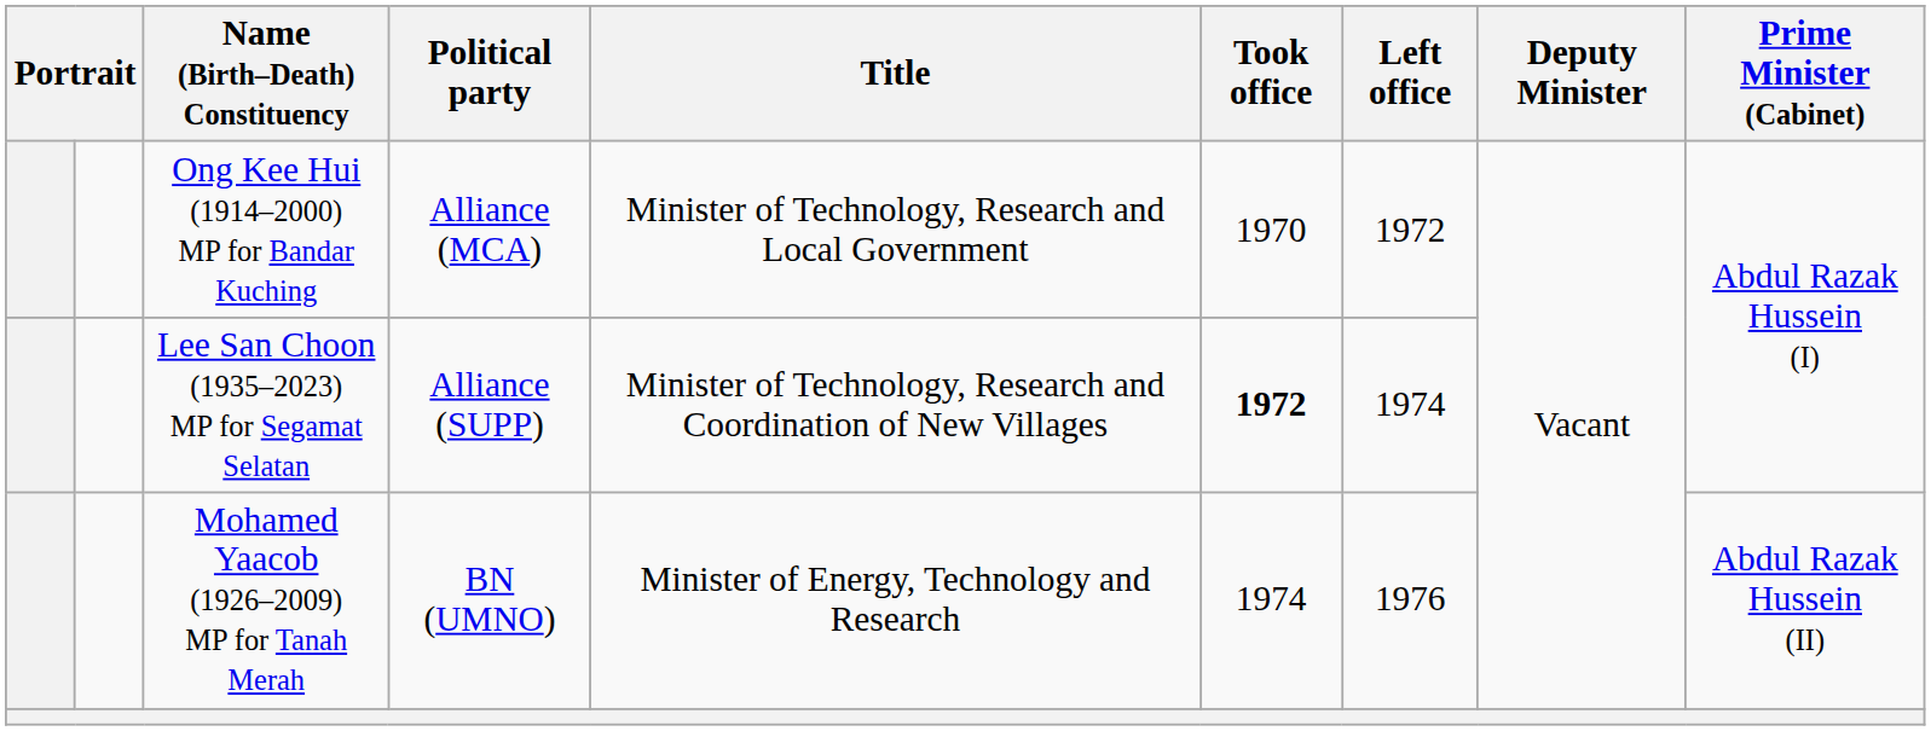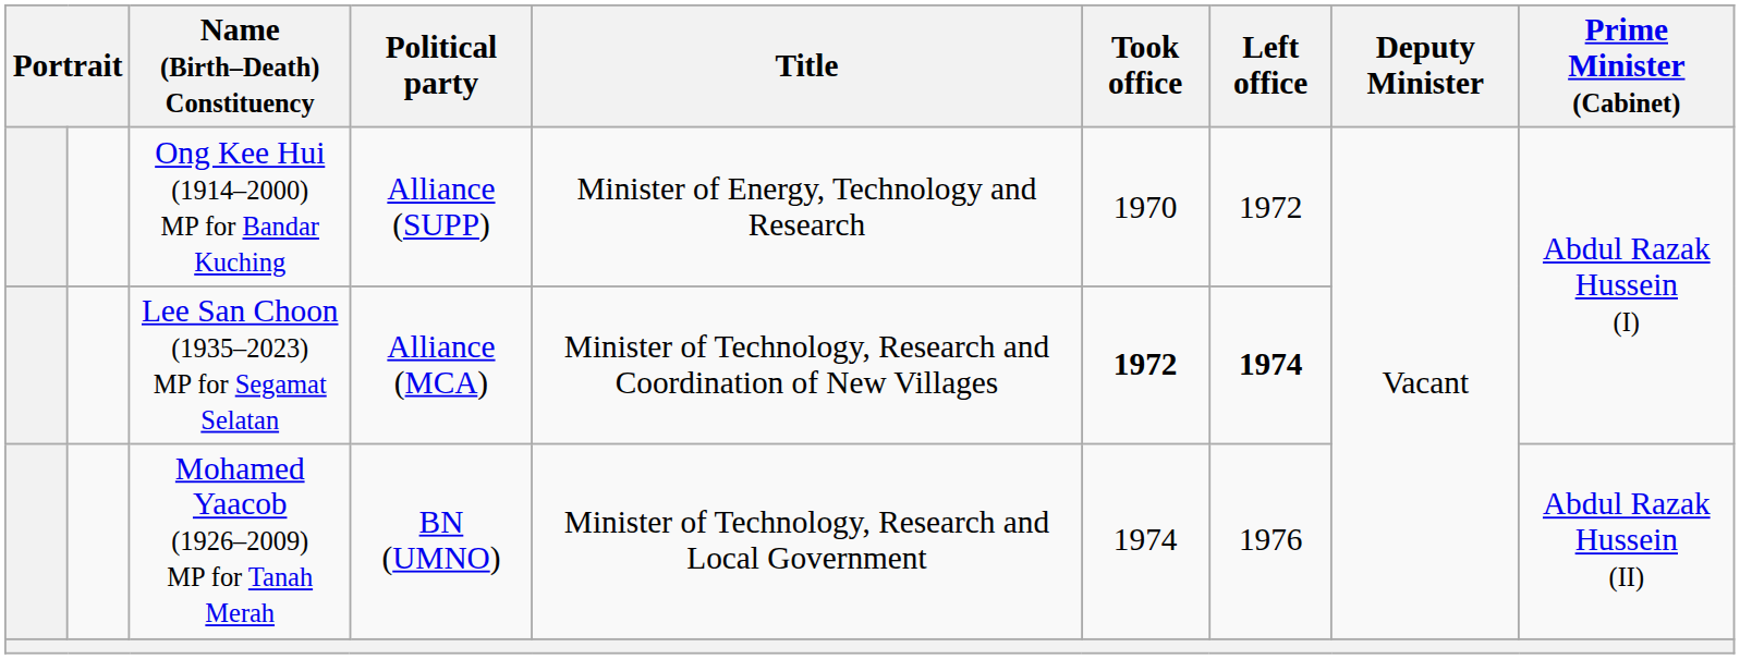 <table class="wikitable" style="text-align:center;">
 <tr>
 <th colspan=2>Portrait</th>
 <th>Name<br><small>(Birth–Death)<br>Constituency</small></th>
 <th>Political party</th>
 <th>Title</th>
 <th>Took office</th>
 <th>Left office</th>
 <th>Deputy Minister</th>
 <th><a href='#'>Prime Minister</a><br><small>(Cabinet)</small></th>
 </tr>
 <tr>
 <th style="background:"></th>
 <td></td>
 <td><a href='#'>Ong Kee Hui</a><br><small>(1914–2000)<br>MP for <a href='#'>Bandar Kuching</a></small></td>
-<td><a href='#'>Alliance</a> (<a href='#'>MCA</a>)</td>
-<td>Minister of Technology, Research and Local Government</td>
+<td><a href='#'>Alliance</a> (<a href='#'>SUPP</a>)</td>
+<td>Minister of Energy, Technology and Research</td>
 <td>1970</td>
 <td>1972</td>
 <td rowspan="3">Vacant</td>
 <td rowspan="2"><a href='#'>Abdul Razak Hussein</a><br><small>(I)</small></td>
 </tr>
 <tr>
 <th style="background:"></th>
 <td></td>
 <td><a href='#'>Lee San Choon</a><br><small>(1935–2023)<br>MP for <a href='#'>Segamat Selatan</a></small></td>
-<td><a href='#'>Alliance</a> (<a href='#'>SUPP</a>)</td>
+<td><a href='#'>Alliance</a> (<a href='#'>MCA</a>)</td>
 <td>Minister of Technology, Research and Coordination of New Villages</td>
 <td><strong>1972</strong></td>
-<td>1974</td>
+<td><strong>1974</strong></td>
 </tr>
 <tr>
 <th style="background:"></th>
 <td></td>
 <td><a href='#'>Mohamed Yaacob</a><br><small>(1926–2009)<br>MP for <a href='#'>Tanah Merah</a></small></td>
 <td><a href='#'>BN</a> (<a href='#'>UMNO</a>)</td>
-<td>Minister of Energy, Technology and Research</td>
+<td>Minister of Technology, Research and Local Government</td>
 <td>1974</td>
 <td>1976</td>
 <td><a href='#'>Abdul Razak Hussein</a><br><small>(II)</small></td>
 </tr>
 <tr>
 <th colspan="9" bgcolor="cccccc"></th>
 </tr>
 </table>
